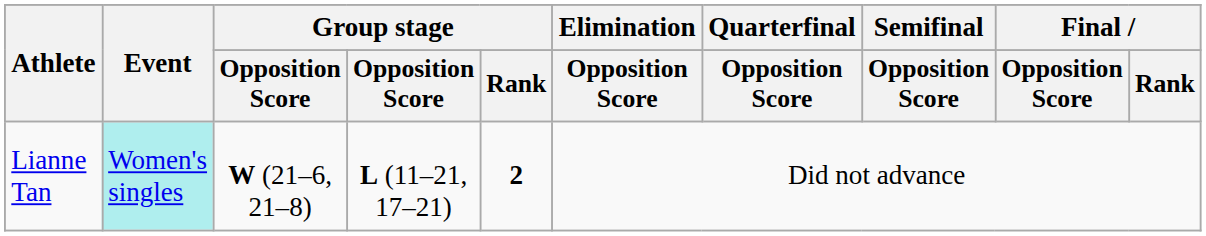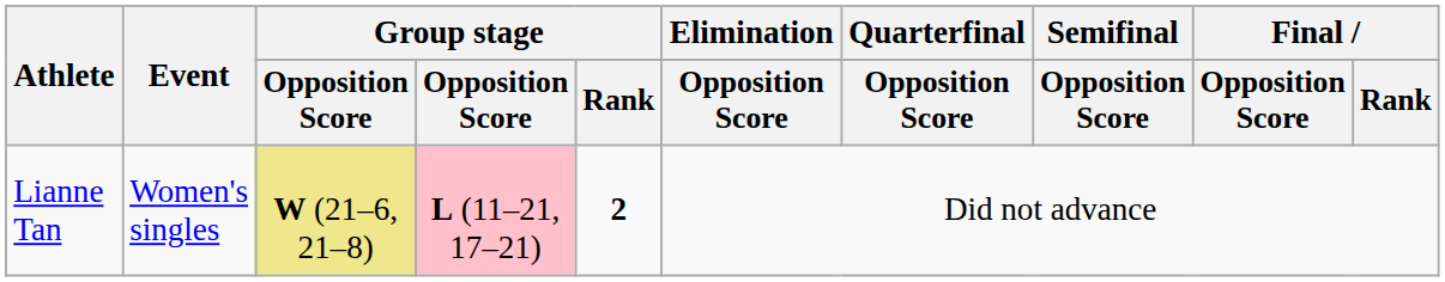 <table class="wikitable" style="font-size:90%">
 <tr>
 <th rowspan=2>Athlete</th>
 <th rowspan=2>Event</th>
 <th colspan=3>Group stage</th>
 <th>Elimination</th>
 <th>Quarterfinal</th>
 <th>Semifinal</th>
 <th colspan=2>Final / </th>
 </tr>
 <tr style="font-size:95%">
 <th>Opposition<br>Score</th>
 <th>Opposition<br>Score</th>
 <th>Rank</th>
 <th>Opposition<br>Score</th>
 <th>Opposition<br>Score</th>
 <th>Opposition<br>Score</th>
 <th>Opposition<br>Score</th>
 <th>Rank</th>
 </tr>
 <tr align=center>
 <td align=left><a href='#'>Lianne Tan</a></td>
-<td align=left style="background: paleturquoise;"><a href='#'>Women's singles</a></td>
-<td><br><strong>W</strong> (21–6, 21–8)</td>
-<td><br><strong>L</strong> (11–21, 17–21)</td>
+<td align=left><a href='#'>Women's singles</a></td>
+<td style="background: khaki;"><br><strong>W</strong> (21–6, 21–8)</td>
+<td style="background: pink;"><br><strong>L</strong> (11–21, 17–21)</td>
 <td><strong>2</strong></td>
 <td colspan=5>Did not advance</td>
 </tr>
 </table>
